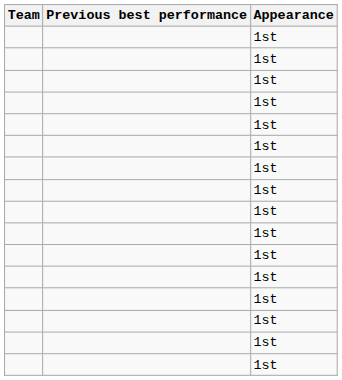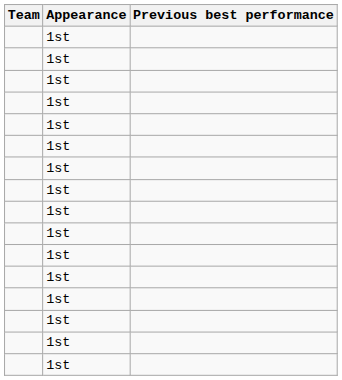 <table class="wikitable sortable">
 <tr>
 <th>Team</th>
+<th data-sort-type="number">Appearance</th>
 <th>Previous best performance</th>
-<th data-sort-type="number">Appearance</th>
 </tr>
 <tr>
 <td></td>
+<td>1st</td>
 <td></td>
-<td>1st</td>
 </tr>
 <tr>
 <td></td>
+<td>1st</td>
 <td></td>
-<td>1st</td>
 </tr>
 <tr>
 <td></td>
+<td>1st</td>
 <td></td>
-<td>1st</td>
 </tr>
 <tr>
 <td></td>
+<td>1st</td>
 <td></td>
-<td>1st</td>
 </tr>
 <tr>
 <td></td>
+<td>1st</td>
 <td></td>
-<td>1st</td>
 </tr>
 <tr>
 <td></td>
+<td>1st</td>
 <td></td>
-<td>1st</td>
 </tr>
 <tr>
 <td></td>
+<td>1st</td>
 <td></td>
-<td>1st</td>
 </tr>
 <tr>
 <td></td>
+<td>1st</td>
 <td></td>
-<td>1st</td>
 </tr>
 <tr>
 <td></td>
+<td>1st</td>
 <td></td>
-<td>1st</td>
 </tr>
 <tr>
 <td></td>
+<td>1st</td>
 <td></td>
-<td>1st</td>
 </tr>
 <tr>
 <td></td>
+<td>1st</td>
 <td></td>
-<td>1st</td>
 </tr>
 <tr>
 <td></td>
+<td>1st</td>
 <td></td>
-<td>1st</td>
 </tr>
 <tr>
 <td></td>
+<td>1st</td>
 <td></td>
-<td>1st</td>
 </tr>
 <tr>
 <td></td>
+<td>1st</td>
 <td></td>
-<td>1st</td>
 </tr>
 <tr>
 <td></td>
+<td>1st</td>
 <td></td>
-<td>1st</td>
 </tr>
 <tr>
 <td></td>
+<td>1st</td>
 <td></td>
-<td>1st</td>
 </tr>
 </table>
